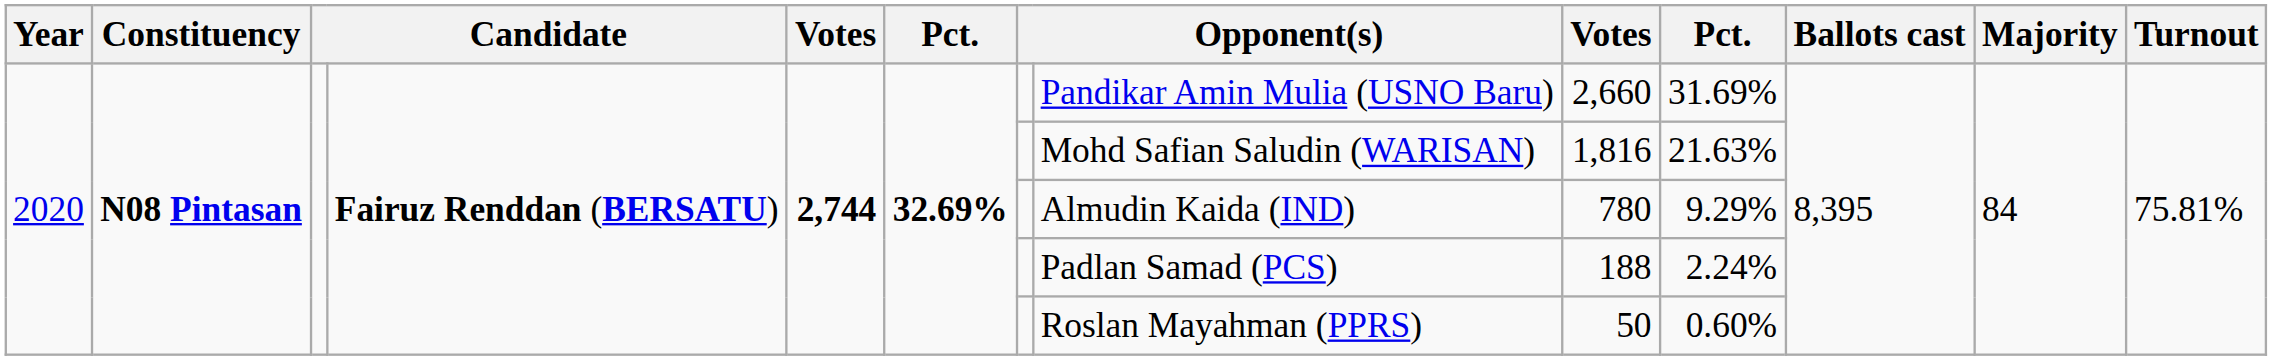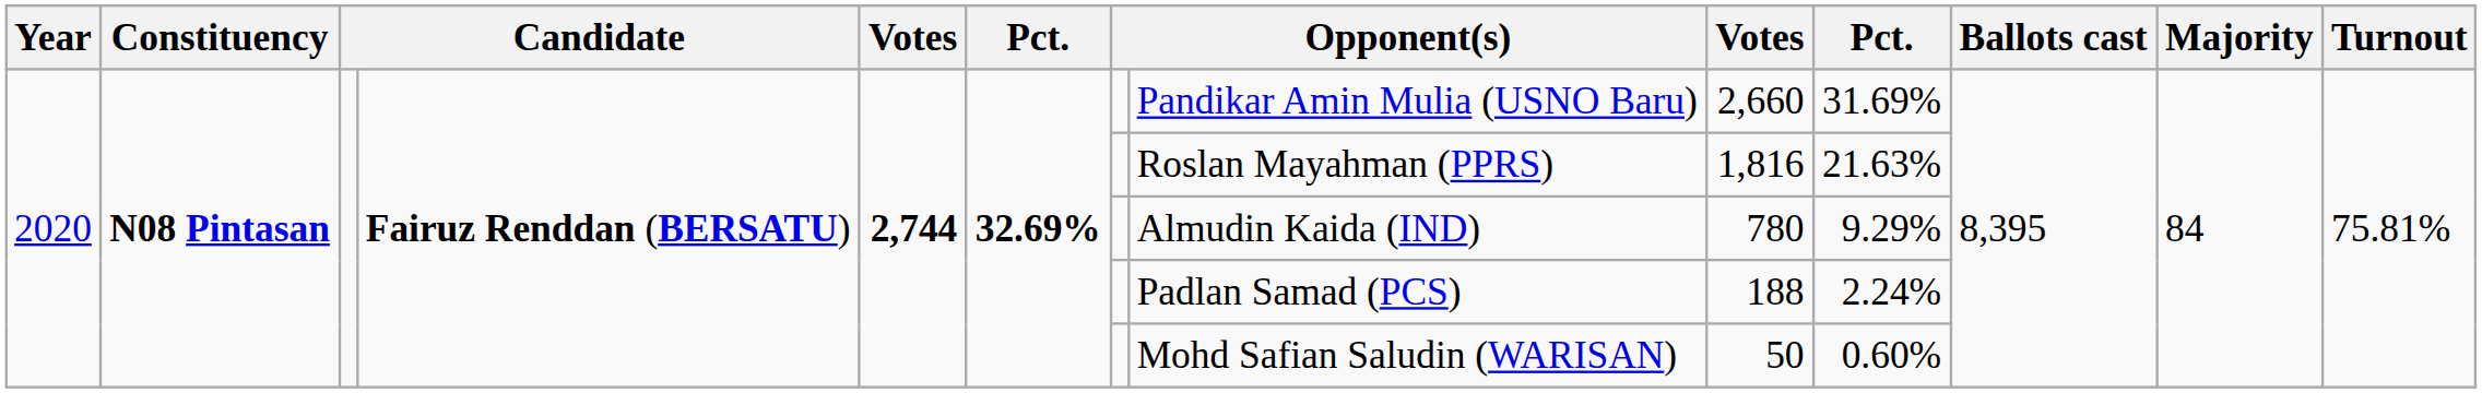 <table class="wikitable" style="margin:0.5em ; font-size:95%">
 <tr>
 <th>Year</th>
 <th>Constituency</th>
 <th colspan="2">Candidate</th>
 <th>Votes</th>
 <th>Pct.</th>
 <th colspan="2">Opponent(s)</th>
 <th>Votes</th>
 <th>Pct.</th>
 <th>Ballots cast</th>
 <th>Majority</th>
 <th>Turnout</th>
 </tr>
 <tr>
 <td rowspan="5"><a href='#'>2020</a></td>
 <td rowspan="5"><strong>N08 <a href='#'>Pintasan</a></strong></td>
 <td rowspan="5"></td>
 <td rowspan="5"><strong>Fairuz Renddan</strong> (<a href='#'><strong>BERSATU</strong></a>)</td>
 <td rowspan="5" align=right><strong>2,744</strong></td>
 <td rowspan="5"><strong>32.69%</strong></td>
 <td bgcolor = ></td>
 <td><a href='#'>Pandikar Amin Mulia</a> (<a href='#'>USNO Baru</a>)</td>
 <td align=right>2,660</td>
 <td>31.69%</td>
 <td rowspan="5">8,395</td>
 <td rowspan="5">84</td>
 <td rowspan="5">75.81%</td>
 </tr>
 <tr>
 <td></td>
-<td>Mohd Safian Saludin (<a href='#'>WARISAN</a>)</td>
+<td>Roslan Mayahman (<a href='#'>PPRS</a>)</td>
 <td align=right>1,816</td>
 <td>21.63%</td>
 </tr>
 <tr>
 <td></td>
 <td>Almudin Kaida (<a href='#'>IND</a>)</td>
 <td align=right>780</td>
 <td align=right>9.29%</td>
 </tr>
 <tr>
 <td bgcolor= ></td>
 <td>Padlan Samad (<a href='#'>PCS</a>)</td>
 <td align=right>188</td>
 <td align=right>2.24%</td>
 </tr>
 <tr>
 <td bgcolor = ></td>
-<td>Roslan Mayahman (<a href='#'>PPRS</a>)</td>
+<td>Mohd Safian Saludin (<a href='#'>WARISAN</a>)</td>
 <td align=right>50</td>
 <td align=right>0.60%</td>
 </tr>
 </table>
